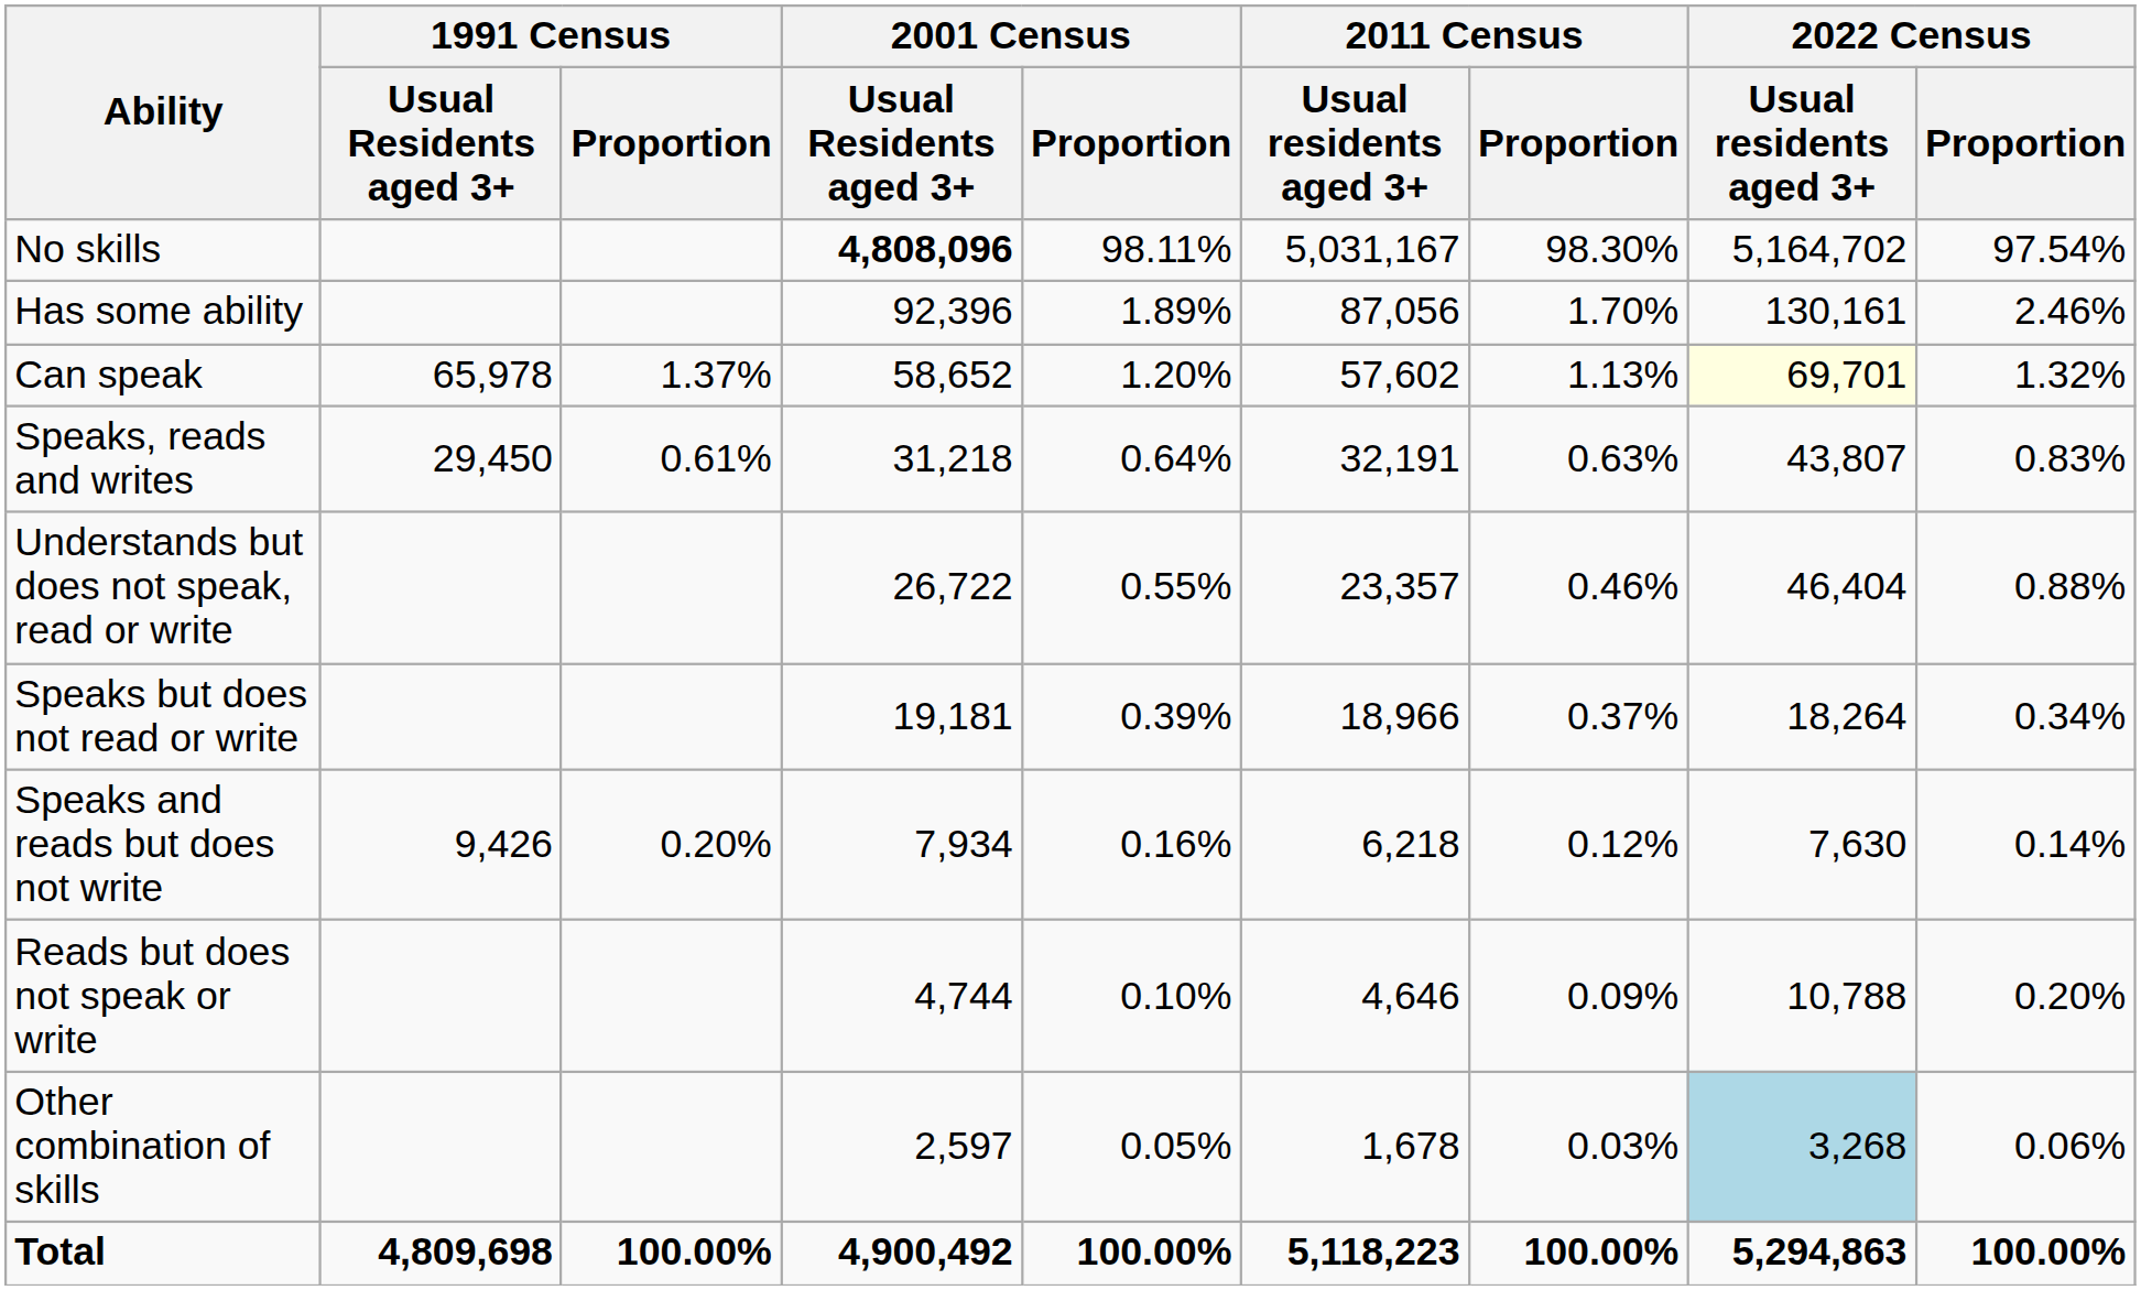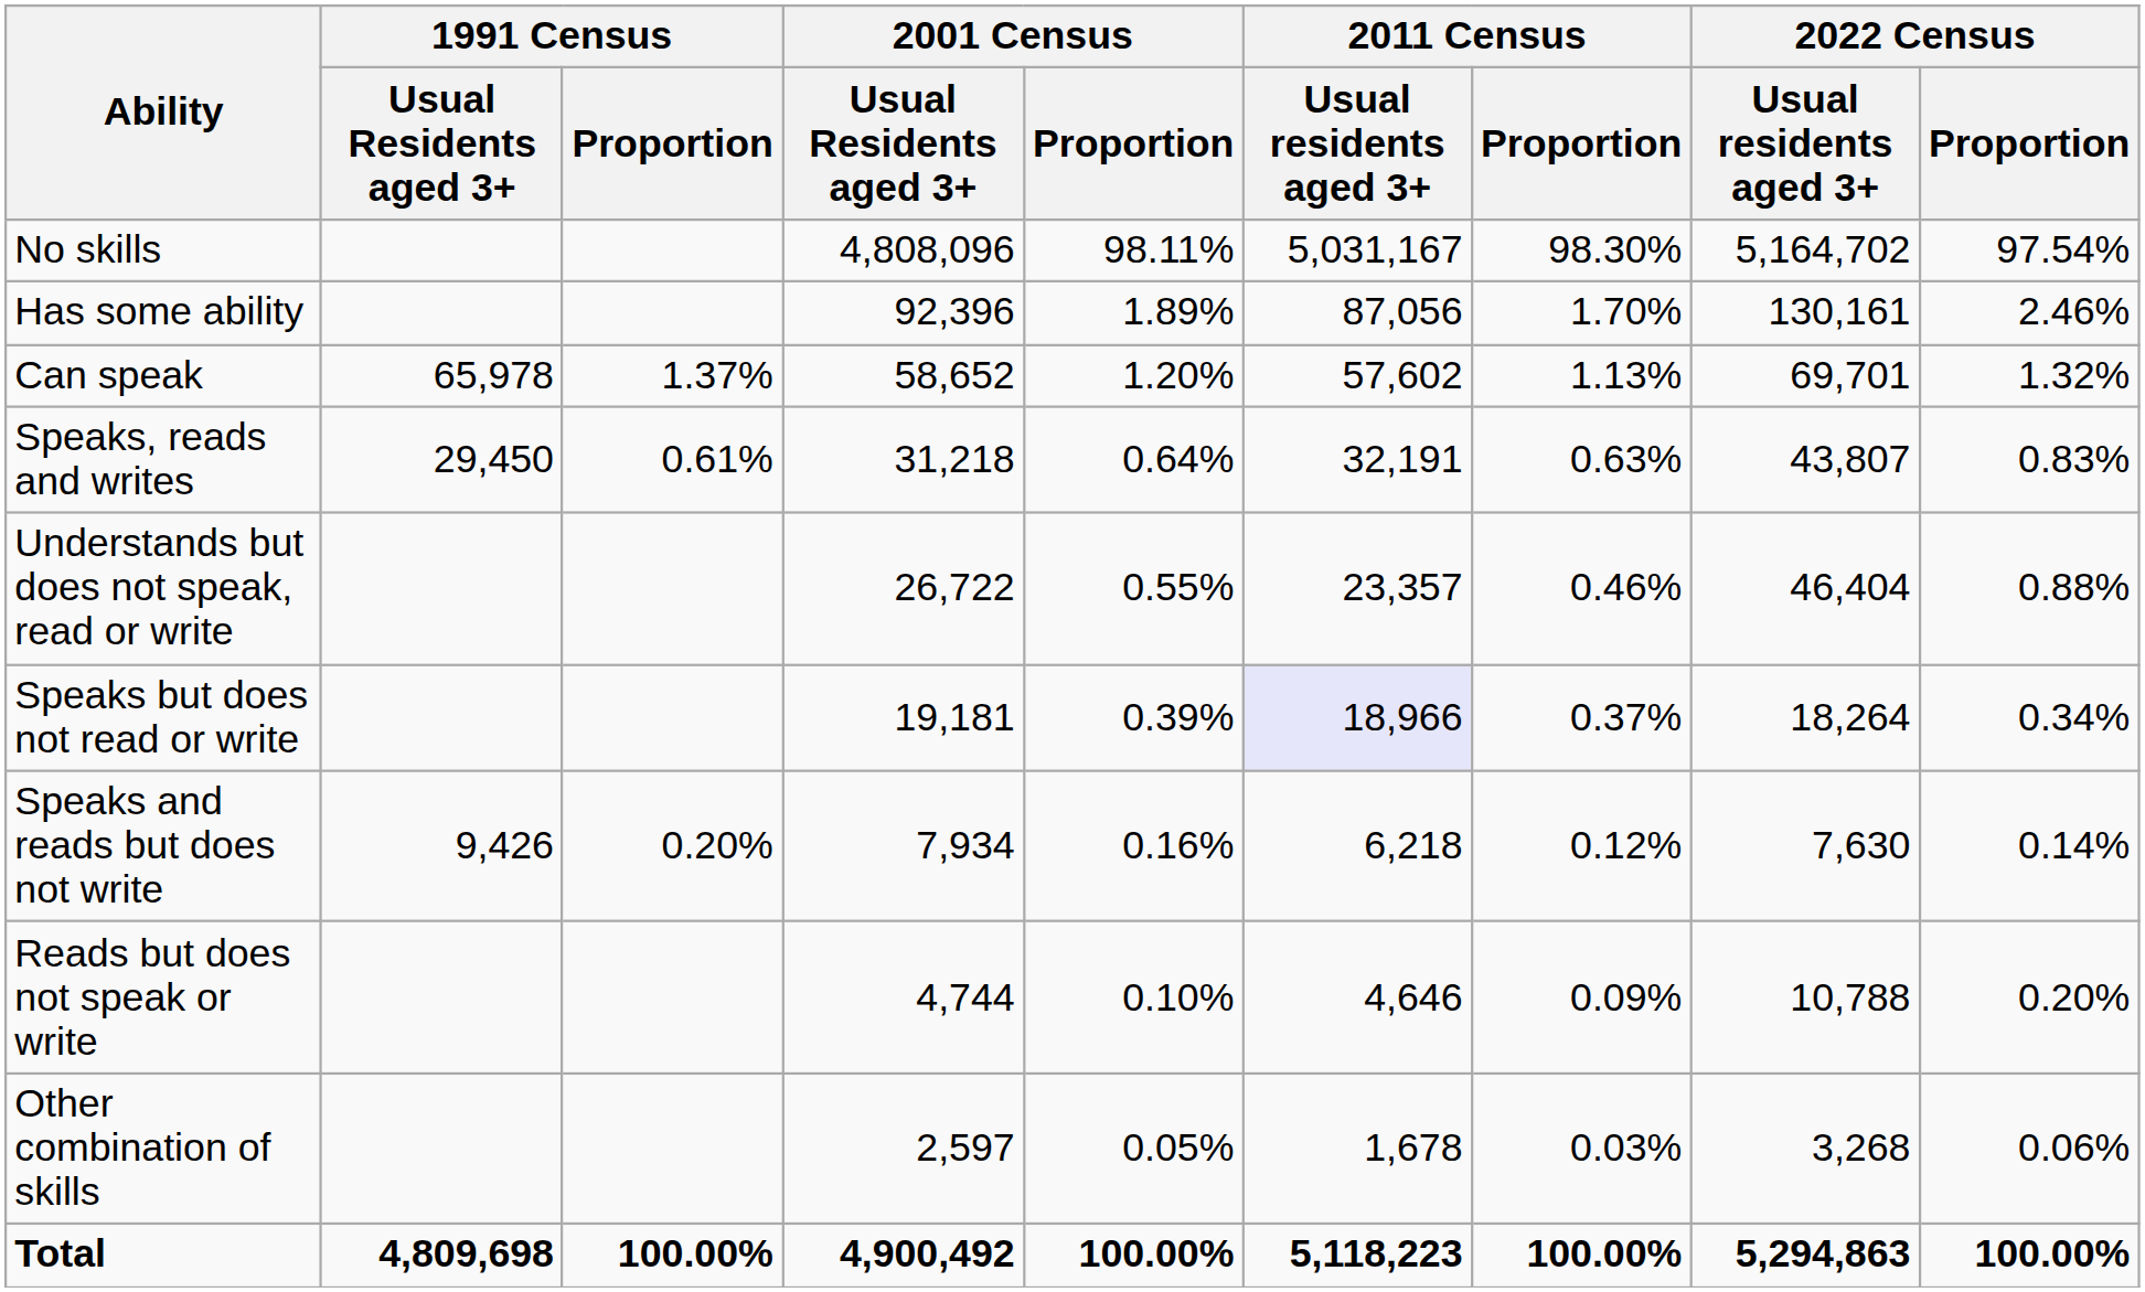 <table class="wikitable sortable" style="text-align:right">
 <tr>
 <th rowspan=2>Ability</th>
 <th colspan=2>1991 Census </th>
 <th colspan=2>2001 Census </th>
 <th colspan=2>2011 Census</th>
 <th colspan=2>2022 Census</th>
 </tr>
 <tr>
 <th>Usual Residents aged 3+</th>
 <th>Proportion</th>
 <th>Usual Residents aged 3+</th>
 <th>Proportion</th>
 <th>Usual residents aged 3+</th>
 <th>Proportion</th>
 <th>Usual residents aged 3+</th>
 <th>Proportion</th>
 </tr>
 <tr>
 <td style="text-align:left">No skills</td>
 <td></td>
 <td></td>
-<td><strong>4,808,096</strong></td>
+<td>4,808,096</td>
 <td>98.11%</td>
 <td>5,031,167</td>
 <td>98.30%</td>
 <td>5,164,702</td>
 <td>97.54%</td>
 </tr>
 <tr>
 <td style="text-align:left">Has some ability</td>
 <td></td>
 <td></td>
 <td>92,396</td>
 <td>1.89%</td>
 <td>87,056</td>
 <td>1.70%</td>
 <td>130,161</td>
 <td>2.46%</td>
 </tr>
 <tr>
 <td style="text-align:left">Can speak</td>
 <td>65,978</td>
 <td>1.37%</td>
 <td>58,652</td>
 <td>1.20%</td>
 <td>57,602</td>
 <td>1.13%</td>
-<td style="background: lightyellow;">69,701</td>
+<td>69,701</td>
 <td>1.32%</td>
 </tr>
 <tr>
 <td style="text-align:left">Speaks, reads and writes</td>
 <td>29,450</td>
 <td>0.61%</td>
 <td>31,218</td>
 <td>0.64%</td>
 <td>32,191</td>
 <td>0.63%</td>
 <td>43,807</td>
 <td>0.83%</td>
 </tr>
 <tr>
 <td style="text-align:left">Understands but does not speak, read or write</td>
 <td></td>
 <td></td>
 <td>26,722</td>
 <td>0.55%</td>
 <td>23,357</td>
 <td>0.46%</td>
 <td>46,404</td>
 <td>0.88%</td>
 </tr>
 <tr>
 <td style="text-align:left">Speaks but does not read or write</td>
 <td></td>
 <td></td>
 <td>19,181</td>
 <td>0.39%</td>
-<td>18,966</td>
+<td style="background: lavender;">18,966</td>
 <td>0.37%</td>
 <td>18,264</td>
 <td>0.34%</td>
 </tr>
 <tr>
 <td style="text-align:left">Speaks and reads but does not write</td>
 <td>9,426</td>
 <td>0.20%</td>
 <td>7,934</td>
 <td>0.16%</td>
 <td>6,218</td>
 <td>0.12%</td>
 <td>7,630</td>
 <td>0.14%</td>
 </tr>
 <tr>
 <td style="text-align:left">Reads but does not speak or write</td>
 <td></td>
 <td></td>
 <td>4,744</td>
 <td>0.10%</td>
 <td>4,646</td>
 <td>0.09%</td>
 <td>10,788</td>
 <td>0.20%</td>
 </tr>
 <tr>
 <td style="text-align:left">Other combination of skills</td>
 <td></td>
 <td></td>
 <td>2,597</td>
 <td>0.05%</td>
 <td>1,678</td>
 <td>0.03%</td>
-<td style="background: lightblue;">3,268</td>
+<td>3,268</td>
 <td>0.06%</td>
 </tr>
 <tr>
 <td style="text-align:left"><strong>Total</strong></td>
 <td><strong>4,809,698</strong></td>
 <td><strong>100.00%</strong></td>
 <td><strong>4,900,492</strong></td>
 <td><strong>100.00%</strong></td>
 <td><strong>5,118,223</strong></td>
 <td><strong>100.00%</strong></td>
 <td><strong>5,294,863</strong></td>
 <td><strong>100.00%</strong></td>
 </tr>
 </table>
